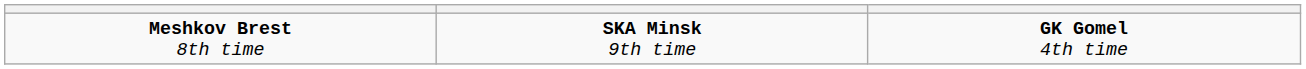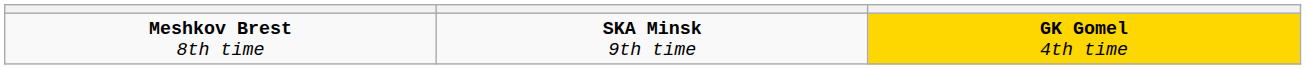 <table class="wikitable" style="text-align: center;">
 <tr>
 <th width="300"></th>
 <th width="300"></th>
 <th width="300"></th>
 </tr>
 <tr>
 <td><strong>Meshkov Brest</strong><br><em>8th time</em></td>
 <td><strong>SKA Minsk</strong><br><em>9th time</em></td>
-<td><strong>GK Gomel</strong><br><em>4th time</em></td>
+<td style="background: gold;"><strong>GK Gomel</strong><br><em>4th time</em></td>
 </tr>
 </table>
